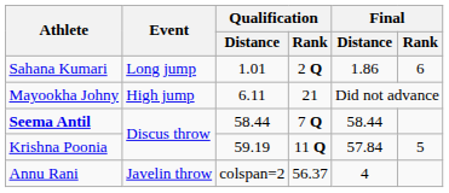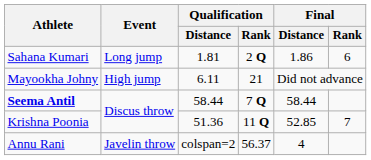 <table class=wikitable style="text-align:center; font-size:90%">
 <tr>
 <th rowspan=2>Athlete</th>
 <th rowspan=2>Event</th>
 <th colspan=2>Qualification</th>
 <th colspan=2>Final</th>
 </tr>
 <tr style=font-size:95%>
 <th>Distance</th>
 <th>Rank</th>
 <th>Distance</th>
 <th>Rank</th>
 </tr>
 <tr>
 <td align=left><a href='#'>Sahana Kumari</a></td>
 <td align=left><a href='#'>Long jump</a></td>
-<td>1.01</td>
+<td>1.81</td>
 <td>2 <strong>Q</strong></td>
 <td>1.86</td>
 <td>6</td>
 </tr>
 <tr>
 <td align=left><a href='#'>Mayookha Johny</a></td>
 <td align=left><a href='#'>High jump</a></td>
 <td>6.11</td>
 <td>21</td>
 <td colspan=2>Did not advance</td>
 </tr>
 <tr>
 <td align=left><strong><a href='#'>Seema Antil</a></strong></td>
 <td align=left rowspan=2><a href='#'>Discus throw</a></td>
 <td>58.44</td>
 <td>7 <strong>Q</strong></td>
 <td>58.44</td>
 <td></td>
 </tr>
 <tr>
 <td align=left><a href='#'>Krishna Poonia</a></td>
-<td>59.19</td>
+<td>51.36</td>
 <td>11 <strong>Q</strong></td>
-<td>57.84</td>
-<td>5</td>
+<td>52.85</td>
+<td>7</td>
 </tr>
 <tr>
 <td align=left><a href='#'>Annu Rani</a></td>
 <td align=left><a href='#'>Javelin throw</a></td>
 <td>colspan=2 </td>
 <td>56.37</td>
 <td>4</td>
 </tr>
 </table>
